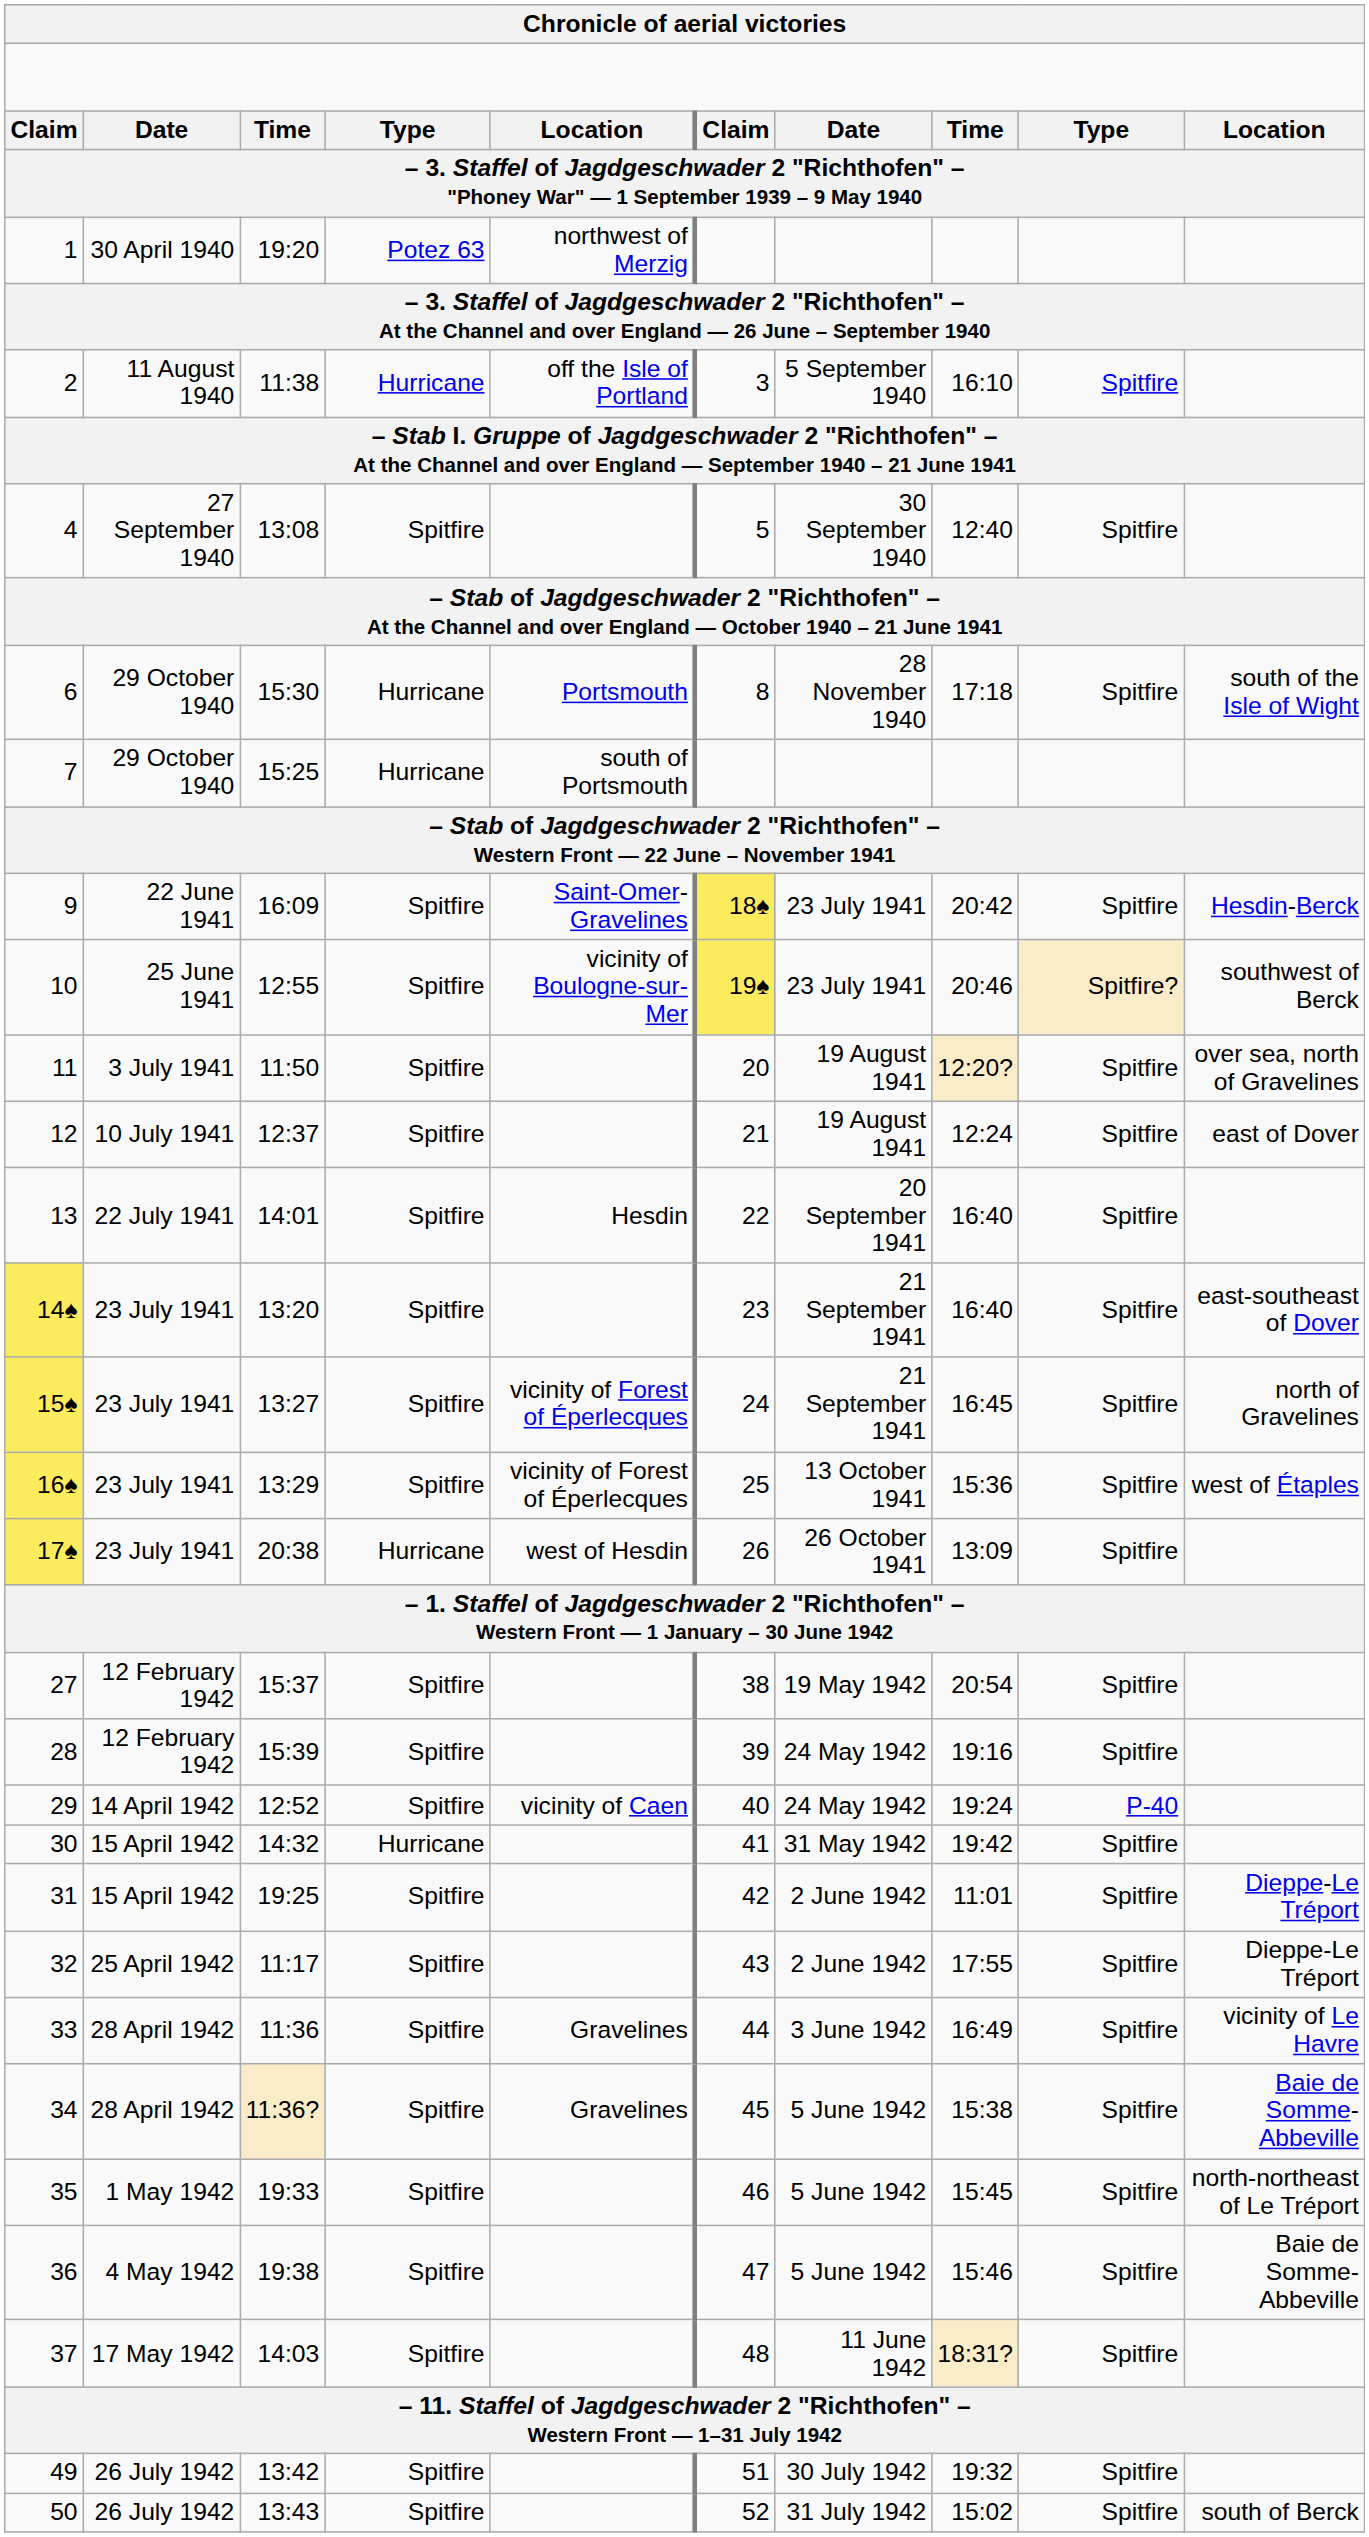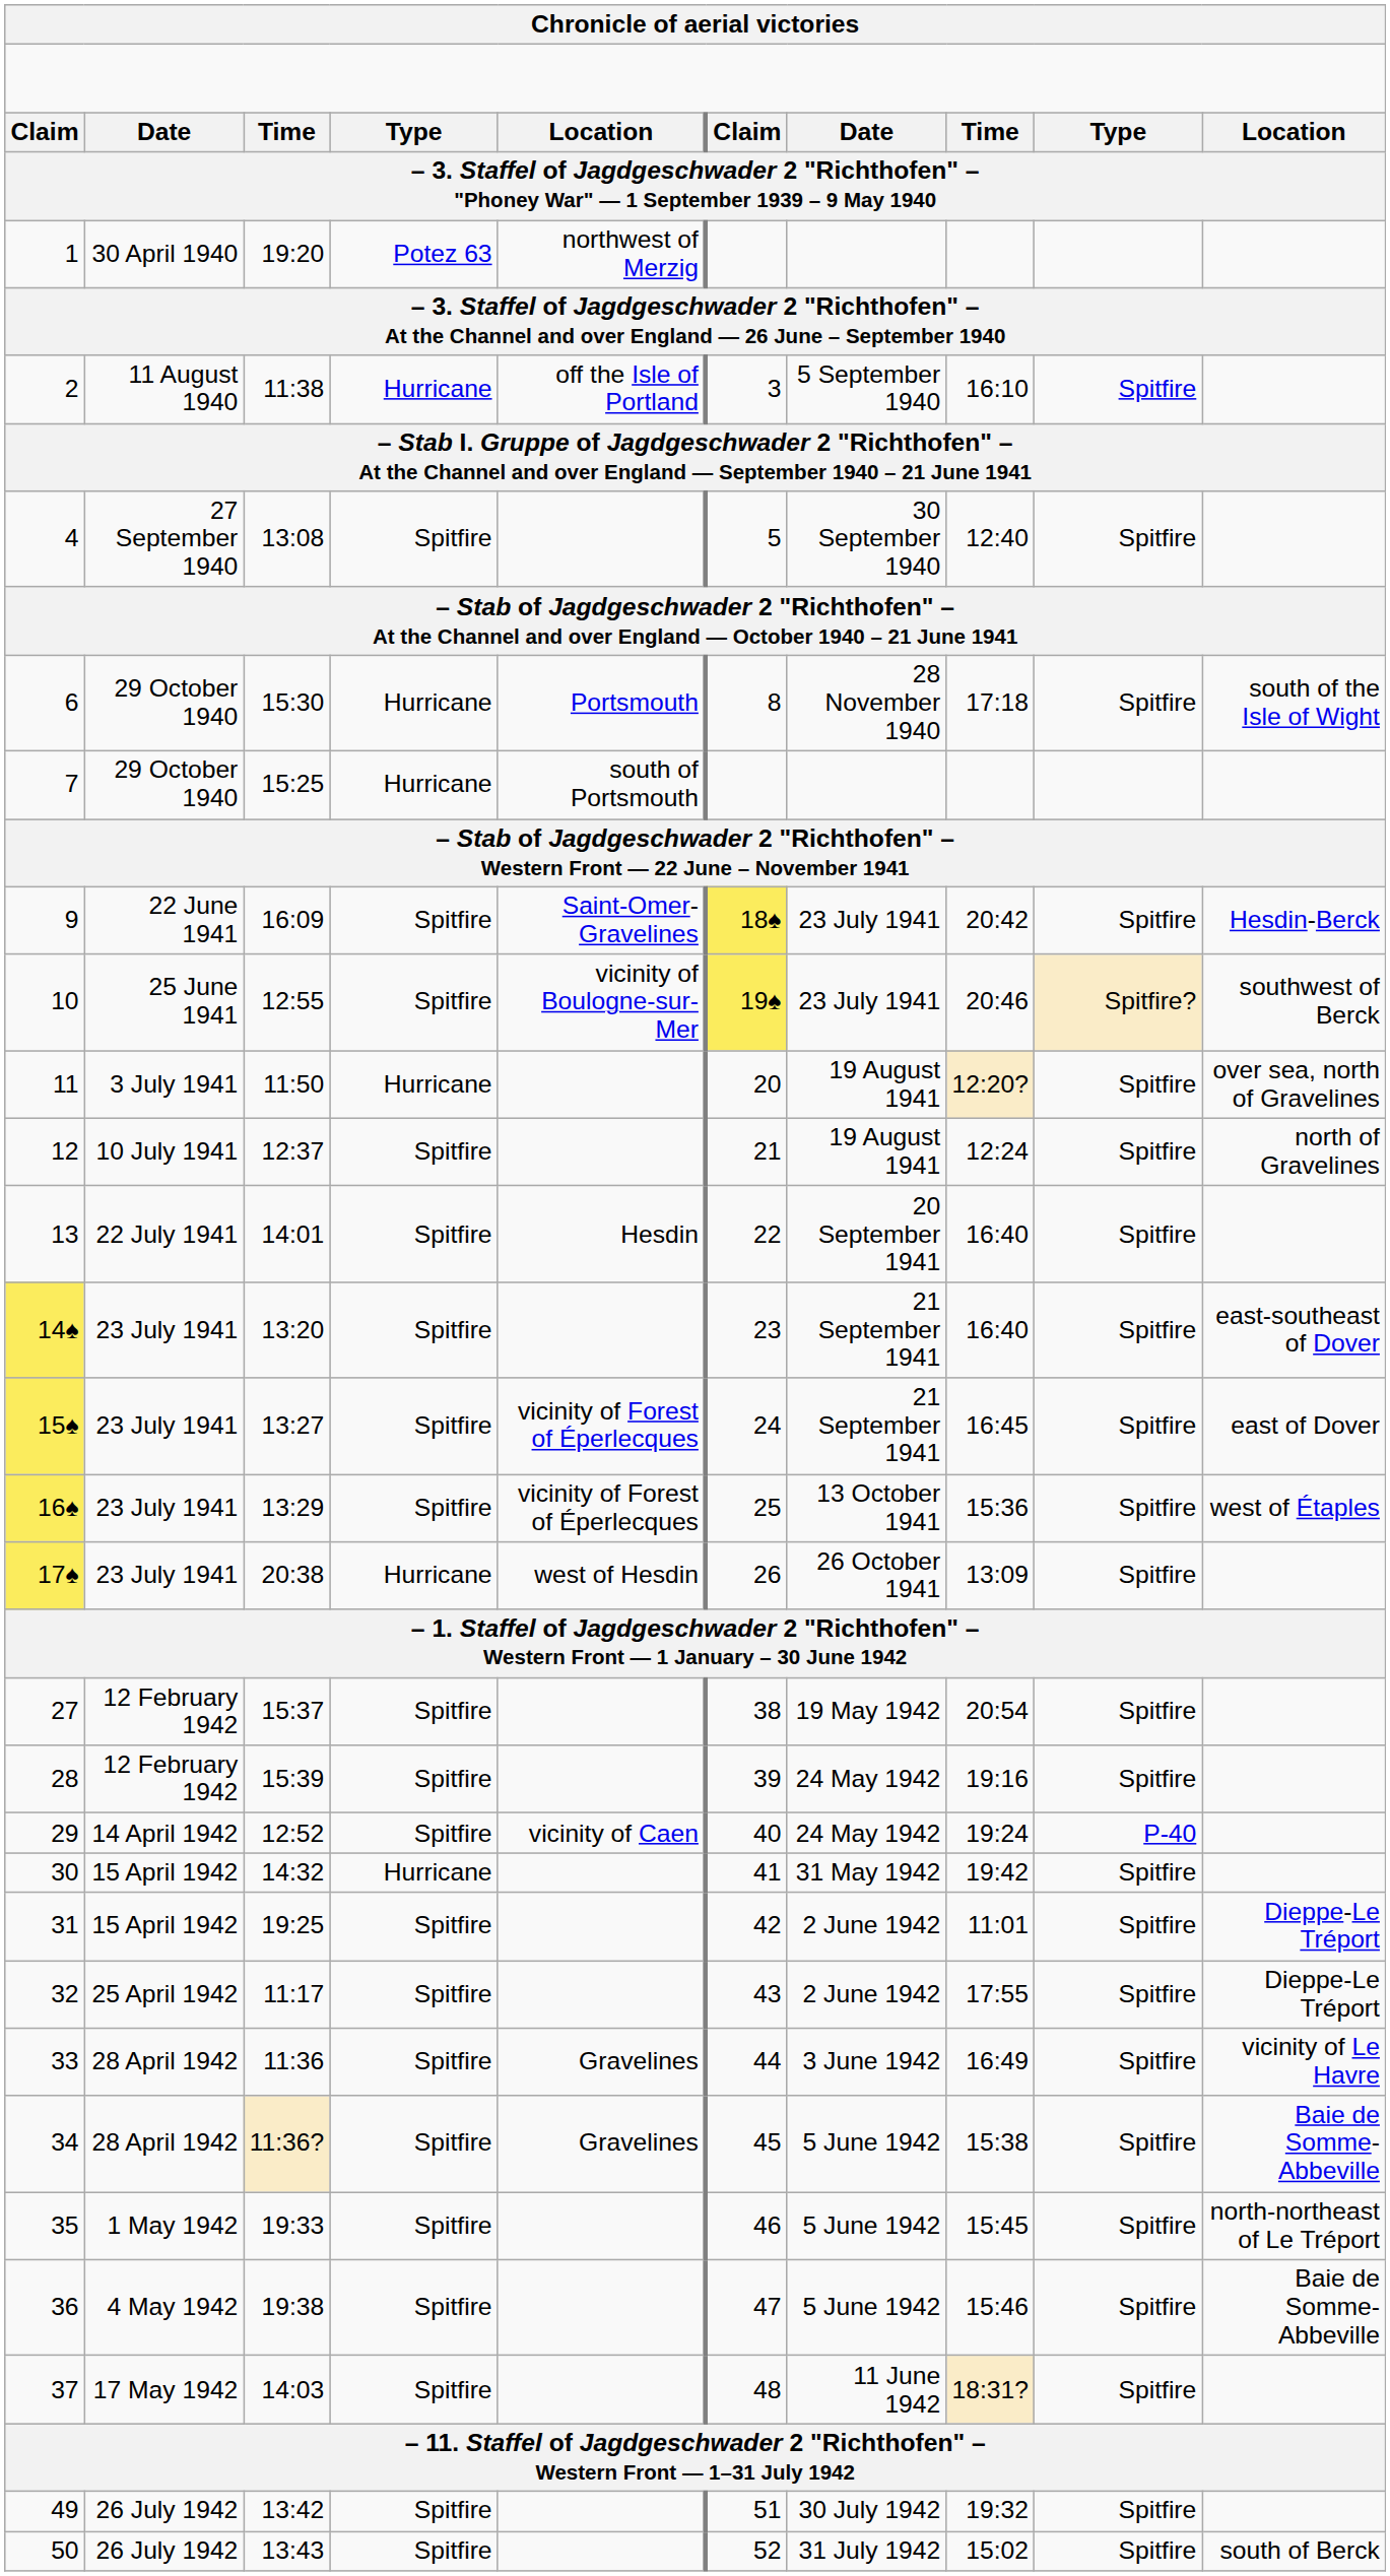 <table class="wikitable plainrowheaders collapsible" style="margin-left: auto; margin-right: auto; border: none; text-align:right; width: 100%;">
 <tr>
 <th colspan="10">Chronicle of aerial victories</th>
 </tr>
 <tr>
 <td colspan="10" style="text-align: left;"><br><br> </td>
 </tr>
 <tr>
 <th scope="col">Claim</th>
 <th scope="col">Date</th>
 <th scope="col">Time</th>
 <th scope="col" width="100px">Type</th>
 <th scope="col">Location</th>
 <th scope="col" style="border-left: 3px solid grey;">Claim</th>
 <th scope="col">Date</th>
 <th scope="col">Time</th>
 <th scope="col" width="100px">Type</th>
 <th scope="col">Location</th>
 </tr>
 <tr>
 <th colspan="10">– 3. <em>Staffel</em> of <em>Jagdgeschwader</em> 2 "Richthofen" –<br><small>"Phoney War" — 1 September 1939 – 9 May 1940</small></th>
 </tr>
 <tr>
 <td>1</td>
 <td>30 April 1940</td>
 <td>19:20</td>
 <td><a href='#'>Potez 63</a></td>
 <td>northwest of <a href='#'>Merzig</a></td>
 <td style="border-left: 3px solid grey;"></td>
 <td></td>
 <td></td>
 <td></td>
 <td></td>
 </tr>
 <tr>
 <th colspan="10">– 3. <em>Staffel</em> of <em>Jagdgeschwader</em> 2 "Richthofen" –<br><small>At the Channel and over England — 26 June – September 1940</small></th>
 </tr>
 <tr>
 <td>2</td>
 <td>11 August 1940</td>
 <td>11:38</td>
 <td><a href='#'>Hurricane</a></td>
 <td> off the <a href='#'>Isle of Portland</a></td>
 <td style="border-left: 3px solid grey;">3</td>
 <td>5 September 1940</td>
 <td>16:10</td>
 <td><a href='#'>Spitfire</a></td>
 <td></td>
 </tr>
 <tr>
 <th colspan="10">– <em>Stab</em> I. <em>Gruppe</em> of <em>Jagdgeschwader</em> 2 "Richthofen" –<br><small>At the Channel and over England — September 1940 – 21 June 1941</small></th>
 </tr>
 <tr>
 <td>4</td>
 <td>27 September 1940</td>
 <td>13:08</td>
 <td>Spitfire</td>
 <td></td>
 <td style="border-left: 3px solid grey;">5</td>
 <td>30 September 1940</td>
 <td>12:40</td>
 <td>Spitfire</td>
 <td></td>
 </tr>
 <tr>
 <th colspan="10">– <em>Stab</em> of <em>Jagdgeschwader</em> 2 "Richthofen" –<br><small>At the Channel and over England — October 1940 – 21 June 1941</small></th>
 </tr>
 <tr>
 <td>6</td>
 <td>29 October 1940</td>
 <td>15:30</td>
 <td>Hurricane</td>
 <td><a href='#'>Portsmouth</a></td>
 <td style="border-left: 3px solid grey;">8</td>
 <td>28 November 1940</td>
 <td>17:18</td>
 <td>Spitfire</td>
 <td>south of the <a href='#'>Isle of Wight</a></td>
 </tr>
 <tr>
 <td>7</td>
 <td>29 October 1940</td>
 <td>15:25</td>
 <td>Hurricane</td>
 <td>south of Portsmouth</td>
 <td style="border-left: 3px solid grey;"></td>
 <td></td>
 <td></td>
 <td></td>
 <td></td>
 </tr>
 <tr>
 <th colspan="10">– <em>Stab</em> of <em>Jagdgeschwader</em> 2 "Richthofen" –<br><small>Western Front — 22 June – November 1941</small></th>
 </tr>
 <tr>
 <td>9</td>
 <td>22 June 1941</td>
 <td>16:09</td>
 <td>Spitfire</td>
 <td><a href='#'>Saint-Omer</a>-<a href='#'>Gravelines</a></td>
 <td style="border-left: 3px solid grey; background:#fbec5d;">18♠</td>
 <td>23 July 1941</td>
 <td>20:42</td>
 <td>Spitfire</td>
 <td><a href='#'>Hesdin</a>-<a href='#'>Berck</a></td>
 </tr>
 <tr>
 <td>10</td>
 <td>25 June 1941</td>
 <td>12:55</td>
 <td>Spitfire</td>
 <td>vicinity of <a href='#'>Boulogne-sur-Mer</a></td>
 <td style="border-left: 3px solid grey; background:#fbec5d;">19♠</td>
 <td>23 July 1941</td>
 <td>20:46</td>
 <td style="background:#faecc8">Spitfire?</td>
 <td> southwest of Berck</td>
 </tr>
 <tr>
 <td>11</td>
 <td>3 July 1941</td>
 <td>11:50</td>
-<td>Spitfire</td>
+<td>Hurricane</td>
 <td></td>
 <td style="border-left: 3px solid grey;">20</td>
 <td>19 August 1941</td>
 <td style="background:#faecc8">12:20?</td>
 <td>Spitfire</td>
 <td>over sea, north of Gravelines</td>
 </tr>
 <tr>
 <td>12</td>
 <td>10 July 1941</td>
 <td>12:37</td>
 <td>Spitfire</td>
 <td></td>
 <td style="border-left: 3px solid grey;">21</td>
 <td>19 August 1941</td>
 <td>12:24</td>
 <td>Spitfire</td>
-<td> east of Dover</td>
+<td>north of Gravelines</td>
 </tr>
 <tr>
 <td>13</td>
 <td>22 July 1941</td>
 <td>14:01</td>
 <td>Spitfire</td>
 <td>Hesdin</td>
 <td style="border-left: 3px solid grey;">22</td>
 <td>20 September 1941</td>
 <td>16:40</td>
 <td>Spitfire</td>
 <td></td>
 </tr>
 <tr>
 <td style="background:#fbec5d;">14♠</td>
 <td>23 July 1941</td>
 <td>13:20</td>
 <td>Spitfire</td>
 <td></td>
 <td style="border-left: 3px solid grey;">23</td>
 <td>21 September 1941</td>
 <td>16:40</td>
 <td>Spitfire</td>
 <td> east-southeast of <a href='#'>Dover</a></td>
 </tr>
 <tr>
 <td style="background:#fbec5d;">15♠</td>
 <td>23 July 1941</td>
 <td>13:27</td>
 <td>Spitfire</td>
 <td>vicinity of <a href='#'>Forest of Éperlecques</a></td>
 <td style="border-left: 3px solid grey;">24</td>
 <td>21 September 1941</td>
 <td>16:45</td>
 <td>Spitfire</td>
-<td>north of Gravelines</td>
+<td> east of Dover</td>
 </tr>
 <tr>
 <td style="background:#fbec5d;">16♠</td>
 <td>23 July 1941</td>
 <td>13:29</td>
 <td>Spitfire</td>
 <td>vicinity of Forest of Éperlecques</td>
 <td style="border-left: 3px solid grey;">25</td>
 <td>13 October 1941</td>
 <td>15:36</td>
 <td>Spitfire</td>
 <td> west of <a href='#'>Étaples</a></td>
 </tr>
 <tr>
 <td style="background:#fbec5d;">17♠</td>
 <td>23 July 1941</td>
 <td>20:38</td>
 <td>Hurricane</td>
 <td>west of Hesdin</td>
 <td style="border-left: 3px solid grey;">26</td>
 <td>26 October 1941</td>
 <td>13:09</td>
 <td>Spitfire</td>
 <td></td>
 </tr>
 <tr>
 <th colspan="10">– 1. <em>Staffel</em> of <em>Jagdgeschwader</em> 2 "Richthofen" –<br><small>Western Front — 1 January – 30 June 1942</small></th>
 </tr>
 <tr>
 <td>27</td>
 <td>12 February 1942</td>
 <td>15:37</td>
 <td>Spitfire</td>
 <td></td>
 <td style="border-left: 3px solid grey;">38</td>
 <td>19 May 1942</td>
 <td>20:54</td>
 <td>Spitfire</td>
 <td></td>
 </tr>
 <tr>
 <td>28</td>
 <td>12 February 1942</td>
 <td>15:39</td>
 <td>Spitfire</td>
 <td></td>
 <td style="border-left: 3px solid grey;">39</td>
 <td>24 May 1942</td>
 <td>19:16</td>
 <td>Spitfire</td>
 <td></td>
 </tr>
 <tr>
 <td>29</td>
 <td>14 April 1942</td>
 <td>12:52</td>
 <td>Spitfire</td>
 <td>vicinity of <a href='#'>Caen</a></td>
 <td style="border-left: 3px solid grey;">40</td>
 <td>24 May 1942</td>
 <td>19:24</td>
 <td><a href='#'>P-40</a></td>
 <td></td>
 </tr>
 <tr>
 <td>30</td>
 <td>15 April 1942</td>
 <td>14:32</td>
 <td>Hurricane</td>
 <td></td>
 <td style="border-left: 3px solid grey;">41</td>
 <td>31 May 1942</td>
 <td>19:42</td>
 <td>Spitfire</td>
 <td></td>
 </tr>
 <tr>
 <td>31</td>
 <td>15 April 1942</td>
 <td>19:25</td>
 <td>Spitfire</td>
 <td></td>
 <td style="border-left: 3px solid grey;">42</td>
 <td>2 June 1942</td>
 <td>11:01</td>
 <td>Spitfire</td>
 <td><a href='#'>Dieppe</a>-<a href='#'>Le Tréport</a></td>
 </tr>
 <tr>
 <td>32</td>
 <td>25 April 1942</td>
 <td>11:17</td>
 <td>Spitfire</td>
 <td></td>
 <td style="border-left: 3px solid grey;">43</td>
 <td>2 June 1942</td>
 <td>17:55</td>
 <td>Spitfire</td>
 <td>Dieppe-Le Tréport</td>
 </tr>
 <tr>
 <td>33</td>
 <td>28 April 1942</td>
 <td>11:36</td>
 <td>Spitfire</td>
 <td>Gravelines</td>
 <td style="border-left: 3px solid grey;">44</td>
 <td>3 June 1942</td>
 <td>16:49</td>
 <td>Spitfire</td>
 <td>vicinity of <a href='#'>Le Havre</a></td>
 </tr>
 <tr>
 <td>34</td>
 <td>28 April 1942</td>
 <td style="background:#faecc8">11:36?</td>
 <td>Spitfire</td>
 <td>Gravelines</td>
 <td style="border-left: 3px solid grey;">45</td>
 <td>5 June 1942</td>
 <td>15:38</td>
 <td>Spitfire</td>
 <td><a href='#'>Baie de Somme</a>-<a href='#'>Abbeville</a></td>
 </tr>
 <tr>
 <td>35</td>
 <td>1 May 1942</td>
 <td>19:33</td>
 <td>Spitfire</td>
 <td></td>
 <td style="border-left: 3px solid grey;">46</td>
 <td>5 June 1942</td>
 <td>15:45</td>
 <td>Spitfire</td>
 <td> north-northeast of Le Tréport</td>
 </tr>
 <tr>
 <td>36</td>
 <td>4 May 1942</td>
 <td>19:38</td>
 <td>Spitfire</td>
 <td></td>
 <td style="border-left: 3px solid grey;">47</td>
 <td>5 June 1942</td>
 <td>15:46</td>
 <td>Spitfire</td>
 <td>Baie de Somme-Abbeville</td>
 </tr>
 <tr>
 <td>37</td>
 <td>17 May 1942</td>
 <td>14:03</td>
 <td>Spitfire</td>
 <td></td>
 <td style="border-left: 3px solid grey;">48</td>
 <td>11 June 1942</td>
 <td style="background:#faecc8">18:31?</td>
 <td>Spitfire</td>
 <td></td>
 </tr>
 <tr>
 <th colspan="10">– 11. <em>Staffel</em> of <em>Jagdgeschwader</em> 2 "Richthofen" –<br><small>Western Front — 1–31 July 1942</small></th>
 </tr>
 <tr>
 <td>49</td>
 <td>26 July 1942</td>
 <td>13:42</td>
 <td>Spitfire</td>
 <td></td>
 <td style="border-left: 3px solid grey;">51</td>
 <td>30 July 1942</td>
 <td>19:32</td>
 <td>Spitfire</td>
 <td></td>
 </tr>
 <tr>
 <td>50</td>
 <td>26 July 1942</td>
 <td>13:43</td>
 <td>Spitfire</td>
 <td></td>
 <td style="border-left: 3px solid grey;">52</td>
 <td>31 July 1942</td>
 <td>15:02</td>
 <td>Spitfire</td>
 <td> south of Berck</td>
 </tr>
 </table>
